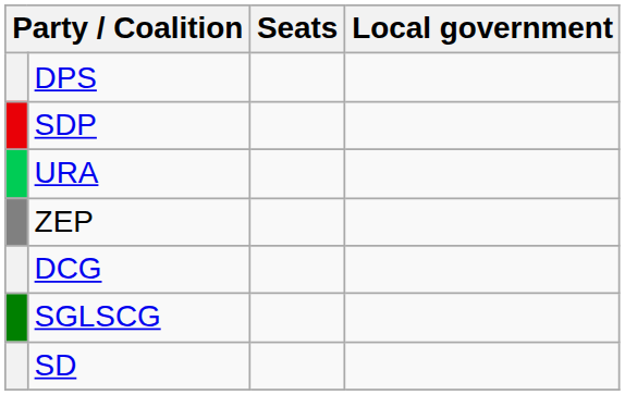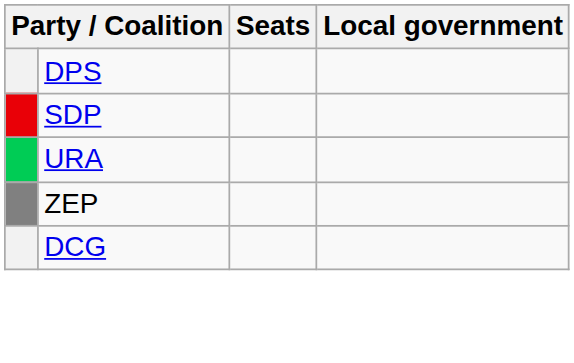 <table class="wikitable" style="text-align:left;">
 <tr>
 <th colspan=2>Party / Coalition</th>
 <th>Seats</th>
 <th>Local government</th>
 </tr>
 <tr>
 <th style="background-color: "></th>
 <td><a href='#'>DPS</a></td>
 <td></td>
 <td></td>
 </tr>
 <tr>
 <th style="background-color: #E90007"></th>
 <td><a href='#'>SDP</a></td>
 <td></td>
 <td></td>
 </tr>
 <tr>
 <th style="background-color: #00cc55"></th>
 <td><a href='#'>URA</a></td>
 <td></td>
 <td></td>
 </tr>
 <tr>
 <th style="background-color: gray "></th>
 <td>ZEP</td>
 <td></td>
 <td></td>
 </tr>
 <tr>
 <th style="background-color: "></th>
 <td><a href='#'>DCG</a></td>
 <td></td>
 <td></td>
 </tr>
-<tr>
-<th style="background-color: #008000"></th>
-<td><a href='#'>SGLSCG</a></td>
-<td></td>
-<td></td>
-</tr>
-<tr>
-<th style="background-color: "></th>
-<td><a href='#'>SD</a></td>
-<td></td>
-<td></td>
-</tr>
 </table>
